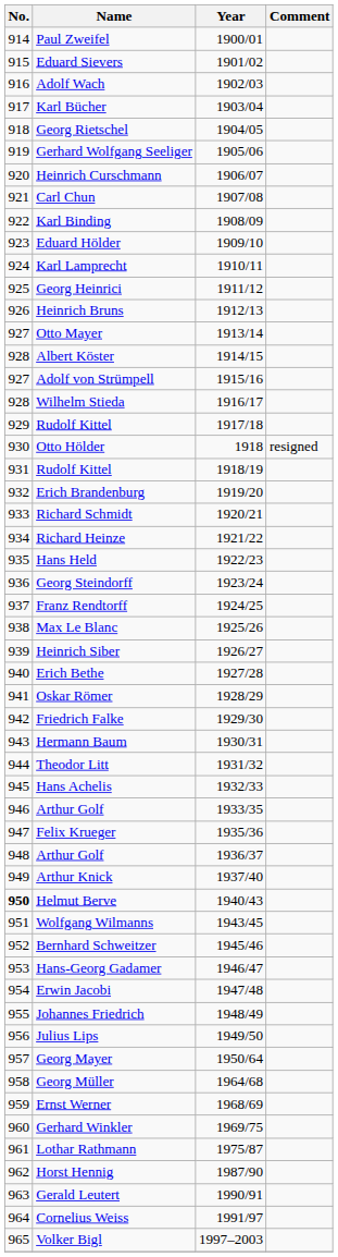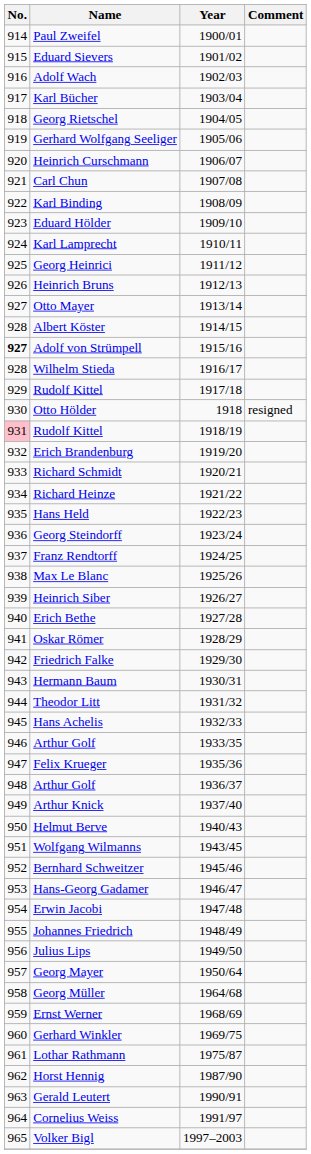 <table class="wikitable">
 <tr>
 <th bgcolor="silver">No.</th>
 <th bgcolor="silver">Name</th>
 <th bgcolor="silver">Year</th>
 <th bgcolor="silver">Comment</th>
 </tr>
 <tr>
 <td>914</td>
 <td><a href='#'>Paul Zweifel</a></td>
 <td align="right">1900/01</td>
 <td></td>
 </tr>
 <tr>
 <td>915</td>
 <td><a href='#'>Eduard Sievers</a></td>
 <td align="right">1901/02</td>
 <td></td>
 </tr>
 <tr>
 <td>916</td>
 <td><a href='#'>Adolf Wach</a></td>
 <td align="right">1902/03</td>
 <td></td>
 </tr>
 <tr>
 <td>917</td>
 <td><a href='#'>Karl Bücher</a></td>
 <td align="right">1903/04</td>
 <td></td>
 </tr>
 <tr>
 <td>918</td>
 <td><a href='#'>Georg Rietschel</a></td>
 <td align="right">1904/05</td>
 <td></td>
 </tr>
 <tr>
 <td>919</td>
 <td><a href='#'>Gerhard Wolfgang Seeliger</a></td>
 <td align="right">1905/06</td>
 <td></td>
 </tr>
 <tr>
 <td>920</td>
 <td><a href='#'>Heinrich Curschmann</a></td>
 <td align="right">1906/07</td>
 <td></td>
 </tr>
 <tr>
 <td>921</td>
 <td><a href='#'>Carl Chun</a></td>
 <td align="right">1907/08</td>
 <td></td>
 </tr>
 <tr>
 <td>922</td>
 <td><a href='#'>Karl Binding</a></td>
 <td align="right">1908/09</td>
 <td></td>
 </tr>
 <tr>
 <td>923</td>
 <td><a href='#'>Eduard Hölder</a></td>
 <td align="right">1909/10</td>
 <td></td>
 </tr>
 <tr>
 <td>924</td>
 <td><a href='#'>Karl Lamprecht</a></td>
 <td align="right">1910/11</td>
 <td></td>
 </tr>
 <tr>
 <td>925</td>
 <td><a href='#'>Georg Heinrici</a></td>
 <td align="right">1911/12</td>
 <td></td>
 </tr>
 <tr>
 <td>926</td>
 <td><a href='#'>Heinrich Bruns</a></td>
 <td align="right">1912/13</td>
 <td></td>
 </tr>
 <tr>
 <td>927</td>
 <td><a href='#'>Otto Mayer</a></td>
 <td align="right">1913/14</td>
 <td></td>
 </tr>
 <tr>
 <td>928</td>
 <td><a href='#'>Albert Köster</a></td>
 <td align="right">1914/15</td>
 <td></td>
 </tr>
 <tr>
-<td>927</td>
+<td><strong>927</strong></td>
 <td><a href='#'>Adolf von Strümpell</a></td>
 <td align="right">1915/16</td>
 <td></td>
 </tr>
 <tr>
 <td>928</td>
 <td><a href='#'>Wilhelm Stieda</a></td>
 <td align="right">1916/17</td>
 <td></td>
 </tr>
 <tr>
 <td>929</td>
 <td><a href='#'>Rudolf Kittel</a></td>
 <td align="right">1917/18</td>
 <td></td>
 </tr>
 <tr>
 <td>930</td>
 <td><a href='#'>Otto Hölder</a></td>
 <td align="right">1918</td>
 <td>resigned</td>
 </tr>
 <tr>
-<td>931</td>
+<td style="background: pink;">931</td>
 <td><a href='#'>Rudolf Kittel</a></td>
 <td align="right">1918/19</td>
 <td></td>
 </tr>
 <tr>
 <td>932</td>
 <td><a href='#'>Erich Brandenburg</a></td>
 <td align="right">1919/20</td>
 <td></td>
 </tr>
 <tr>
 <td>933</td>
 <td><a href='#'>Richard Schmidt</a></td>
 <td align="right">1920/21</td>
 <td></td>
 </tr>
 <tr>
 <td>934</td>
 <td><a href='#'>Richard Heinze</a></td>
 <td align="right">1921/22</td>
 <td></td>
 </tr>
 <tr>
 <td>935</td>
 <td><a href='#'>Hans Held</a></td>
 <td align="right">1922/23</td>
 <td></td>
 </tr>
 <tr>
 <td>936</td>
 <td><a href='#'>Georg Steindorff</a></td>
 <td align="right">1923/24</td>
 <td></td>
 </tr>
 <tr>
 <td>937</td>
 <td><a href='#'>Franz Rendtorff</a></td>
 <td align="right">1924/25</td>
 <td></td>
 </tr>
 <tr>
 <td>938</td>
 <td><a href='#'>Max Le Blanc</a></td>
 <td align="right">1925/26</td>
 <td></td>
 </tr>
 <tr>
 <td>939</td>
 <td><a href='#'>Heinrich Siber</a></td>
 <td align="right">1926/27</td>
 <td></td>
 </tr>
 <tr>
 <td>940</td>
 <td><a href='#'>Erich Bethe</a></td>
 <td align="right">1927/28</td>
 <td></td>
 </tr>
 <tr>
 <td>941</td>
 <td><a href='#'>Oskar Römer</a></td>
 <td align="right">1928/29</td>
 <td></td>
 </tr>
 <tr>
 <td>942</td>
 <td><a href='#'>Friedrich Falke</a></td>
 <td align="right">1929/30</td>
 <td></td>
 </tr>
 <tr>
 <td>943</td>
 <td><a href='#'>Hermann Baum</a></td>
 <td align="right">1930/31</td>
 <td></td>
 </tr>
 <tr>
 <td>944</td>
 <td><a href='#'>Theodor Litt</a></td>
 <td align="right">1931/32</td>
 <td></td>
 </tr>
 <tr>
 <td>945</td>
 <td><a href='#'>Hans Achelis</a></td>
 <td align="right">1932/33</td>
 <td></td>
 </tr>
 <tr>
 <td>946</td>
 <td><a href='#'>Arthur Golf</a></td>
 <td align="right">1933/35</td>
 <td></td>
 </tr>
 <tr>
 <td>947</td>
 <td><a href='#'>Felix Krueger</a></td>
 <td align="right">1935/36</td>
 <td></td>
 </tr>
 <tr>
 <td>948</td>
 <td><a href='#'>Arthur Golf</a></td>
 <td align="right">1936/37</td>
 <td></td>
 </tr>
 <tr>
 <td>949</td>
 <td><a href='#'>Arthur Knick</a></td>
 <td align="right">1937/40</td>
 <td></td>
 </tr>
 <tr>
-<td><strong>950</strong></td>
+<td>950</td>
 <td><a href='#'>Helmut Berve</a></td>
 <td align="right">1940/43</td>
 <td></td>
 </tr>
 <tr>
 <td>951</td>
 <td><a href='#'>Wolfgang Wilmanns</a></td>
 <td align="right">1943/45</td>
 <td></td>
 </tr>
 <tr>
 <td>952</td>
 <td><a href='#'>Bernhard Schweitzer</a></td>
 <td align="right">1945/46</td>
 <td></td>
 </tr>
 <tr>
 <td>953</td>
 <td><a href='#'>Hans-Georg Gadamer</a></td>
 <td align="right">1946/47</td>
 <td></td>
 </tr>
 <tr>
 <td>954</td>
 <td><a href='#'>Erwin Jacobi</a></td>
 <td align="right">1947/48</td>
 <td></td>
 </tr>
 <tr>
 <td>955</td>
 <td><a href='#'>Johannes Friedrich</a></td>
 <td align="right">1948/49</td>
 <td></td>
 </tr>
 <tr>
 <td>956</td>
 <td><a href='#'>Julius Lips</a></td>
 <td align="right">1949/50</td>
 <td></td>
 </tr>
 <tr>
 <td>957</td>
 <td><a href='#'>Georg Mayer</a></td>
 <td align="right">1950/64</td>
 <td></td>
 </tr>
 <tr>
 <td>958</td>
 <td><a href='#'>Georg Müller</a></td>
 <td align="right">1964/68</td>
 <td></td>
 </tr>
 <tr>
 <td>959</td>
 <td><a href='#'>Ernst Werner</a></td>
 <td align="right">1968/69</td>
 <td></td>
 </tr>
 <tr>
 <td>960</td>
 <td><a href='#'>Gerhard Winkler</a></td>
 <td align="right">1969/75</td>
 <td></td>
 </tr>
 <tr>
 <td>961</td>
 <td><a href='#'>Lothar Rathmann</a></td>
 <td align="right">1975/87</td>
 <td></td>
 </tr>
 <tr>
 <td>962</td>
 <td><a href='#'>Horst Hennig</a></td>
 <td align="right">1987/90</td>
 <td></td>
 </tr>
 <tr>
 <td>963</td>
 <td><a href='#'>Gerald Leutert</a></td>
 <td align="right">1990/91</td>
 <td></td>
 </tr>
 <tr>
 <td>964</td>
 <td><a href='#'>Cornelius Weiss</a></td>
 <td align="right">1991/97</td>
 <td></td>
 </tr>
 <tr>
 <td>965</td>
 <td><a href='#'>Volker Bigl</a></td>
 <td align="right">1997–2003</td>
 <td></td>
 </tr>
 <tr>
 </tr>
 </table>
